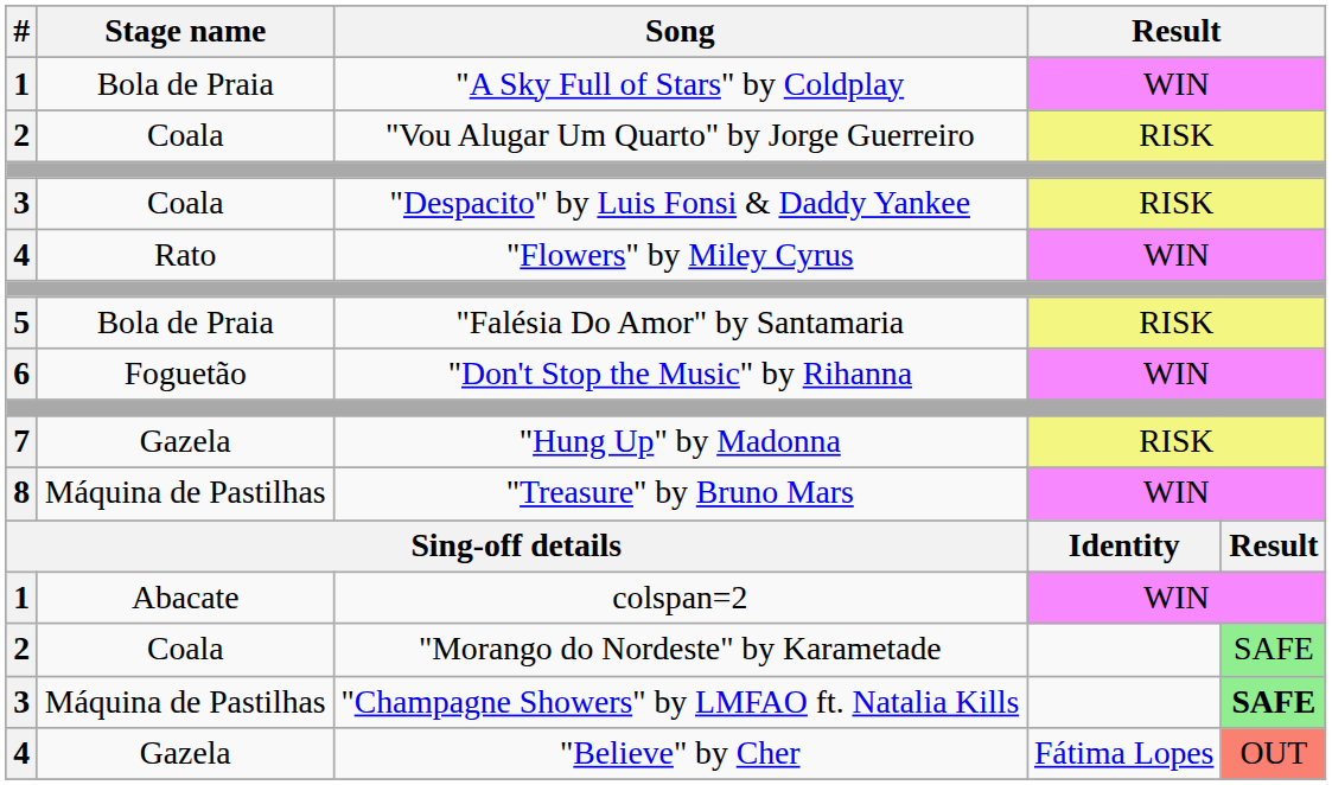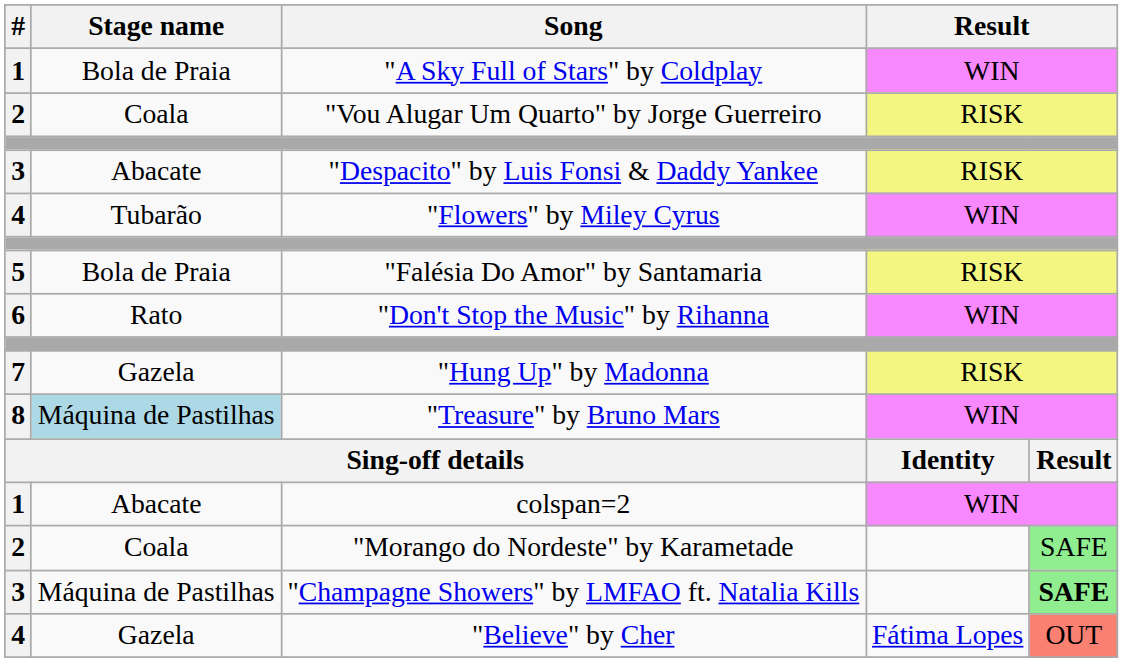 <table class="wikitable plainrowheaders" style="text-align: center;">
 <tr>
 <th>#</th>
 <th>Stage name</th>
 <th>Song</th>
 <th colspan=2>Result</th>
 </tr>
 <tr>
 <th>1</th>
 <td>Bola de Praia</td>
 <td>"<a href='#'>A Sky Full of Stars</a>" by <a href='#'>Coldplay</a></td>
 <td colspan=2 bgcolor="#F888FD">WIN</td>
 </tr>
 <tr>
 <th>2</th>
 <td>Coala</td>
 <td>"Vou Alugar Um Quarto" by Jorge Guerreiro</td>
 <td colspan=2 bgcolor="#F3F781">RISK</td>
 </tr>
 <tr>
 <td colspan="5" style="background:darkgray"></td>
 </tr>
 <tr>
 <th>3</th>
-<td>Coala</td>
+<td>Abacate</td>
 <td>"<a href='#'>Despacito</a>" by <a href='#'>Luis Fonsi</a> & <a href='#'>Daddy Yankee</a></td>
 <td colspan=2 bgcolor="#F3F781">RISK</td>
 </tr>
 <tr>
 <th>4</th>
-<td>Rato</td>
+<td>Tubarão</td>
 <td>"<a href='#'>Flowers</a>" by <a href='#'>Miley Cyrus</a></td>
 <td colspan=2 bgcolor="#F888FD">WIN</td>
 </tr>
 <tr>
 <td colspan="5" style="background:darkgray"></td>
 </tr>
 <tr>
 <th>5</th>
 <td>Bola de Praia</td>
 <td>"Falésia Do Amor" by Santamaria</td>
 <td colspan=2 bgcolor="#F3F781">RISK</td>
 </tr>
 <tr>
 <th>6</th>
-<td>Foguetão</td>
+<td>Rato</td>
 <td>"<a href='#'>Don't Stop the Music</a>" by <a href='#'>Rihanna</a></td>
 <td colspan=2 bgcolor="#F888FD">WIN</td>
 </tr>
 <tr>
 <td colspan="5" style="background:darkgray"></td>
 </tr>
 <tr>
 <th>7</th>
 <td>Gazela</td>
 <td>"<a href='#'>Hung Up</a>" by <a href='#'>Madonna</a></td>
 <td colspan=2 bgcolor="#F3F781">RISK</td>
 </tr>
 <tr>
 <th>8</th>
-<td>Máquina de Pastilhas</td>
+<td style="background: lightblue;">Máquina de Pastilhas</td>
 <td>"<a href='#'>Treasure</a>" by <a href='#'>Bruno Mars</a></td>
 <td colspan=2 bgcolor="#F888FD">WIN</td>
 </tr>
 <tr>
 <th colspan="3">Sing-off details</th>
 <th>Identity</th>
 <th>Result</th>
 </tr>
 <tr>
 <th>1</th>
 <td>Abacate</td>
 <td>colspan=2 </td>
 <td colspan=2 bgcolor="#F888FD">WIN</td>
 </tr>
 <tr>
 <th>2</th>
 <td>Coala</td>
 <td>"Morango do Nordeste" by Karametade</td>
 <td></td>
 <td bgcolor=lightgreen>SAFE</td>
 </tr>
 <tr>
 <th>3</th>
 <td>Máquina de Pastilhas</td>
 <td>"<a href='#'>Champagne Showers</a>" by <a href='#'>LMFAO</a> ft. <a href='#'>Natalia Kills</a></td>
 <td></td>
 <td bgcolor=lightgreen><strong>SAFE</strong></td>
 </tr>
 <tr>
 <th>4</th>
 <td>Gazela</td>
 <td>"<a href='#'>Believe</a>" by <a href='#'>Cher</a></td>
 <td><a href='#'>Fátima Lopes</a></td>
 <td bgcolor="salmon">OUT</td>
 </tr>
 </table>
